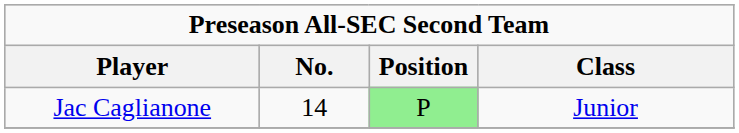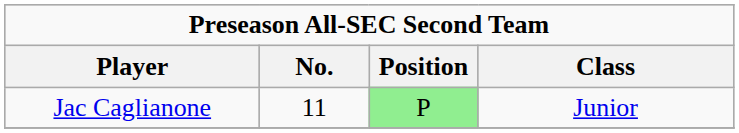 <table class="wikitable" style="text-align:center">
 <tr>
 <td colspan="5"><strong>Preseason All-SEC Second Team</strong></td>
 </tr>
 <tr>
 <th style="width:150px; ">Player</th>
 <th style="width:60px; ">No.</th>
 <th style="width:60px; ">Position</th>
 <th style="width:150px; ">Class</th>
 </tr>
 <tr>
 <td><a href='#'>Jac Caglianone</a></td>
-<td>14</td>
+<td>11</td>
 <td style="background: lightgreen;">P</td>
 <td><a href='#'>Junior</a></td>
 </tr>
 <tr>
 </tr>
 </table>
